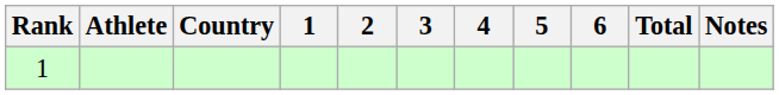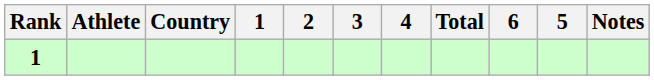 <table class="wikitable sortable" style="text-align:center">
 <tr>
 <th>Rank</th>
 <th>Athlete</th>
 <th>Country</th>
 <th style="width: 28px">1</th>
 <th style="width: 28px">2</th>
 <th style="width: 28px">3</th>
 <th style="width: 28px">4</th>
+<th>Total</th>
+<th style="width: 28px">6</th>
 <th style="width: 28px">5</th>
-<th style="width: 28px">6</th>
-<th>Total</th>
 <th class="unsortable">Notes</th>
 </tr>
 <tr bgcolor=#ccffcc>
-<td>1</td>
+<td><strong>1</strong></td>
 <td align="left"></td>
 <td align="left"></td>
 <td></td>
 <td></td>
 <td></td>
 <td></td>
 <td></td>
 <td></td>
 <td></td>
 <td></td>
 </tr>
 </table>
